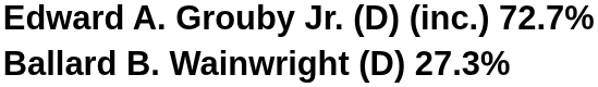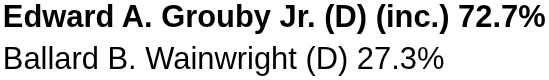 <table>
 <tr>
 <td><strong>Edward A. Grouby Jr. (D) (inc.) 72.7%</strong></td>
 </tr>
 <tr>
-<td><strong>Ballard B. Wainwright (D) 27.3%</strong></td>
+<td>Ballard B. Wainwright (D) 27.3%</td>
 </tr>
 </table>
